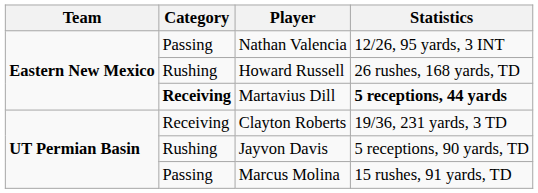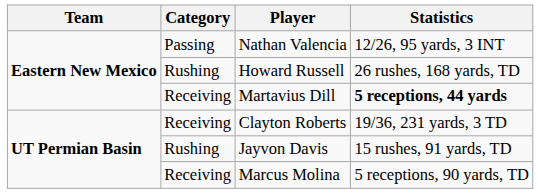 <table class="wikitable" style="float: right;">
 <tr>
 <th>Team</th>
 <th>Category</th>
 <th>Player</th>
 <th>Statistics</th>
 </tr>
 <tr>
 <td rowspan=3><strong>Eastern New Mexico</strong></td>
 <td>Passing</td>
 <td>Nathan Valencia</td>
 <td>12/26, 95 yards, 3 INT</td>
 </tr>
 <tr>
 <td>Rushing</td>
 <td>Howard Russell</td>
 <td>26 rushes, 168 yards, TD</td>
 </tr>
 <tr>
-<td><strong>Receiving</strong></td>
+<td>Receiving</td>
 <td>Martavius Dill</td>
 <td><strong>5 receptions, 44 yards</strong></td>
 </tr>
 <tr>
 <td rowspan=3><strong>UT Permian Basin</strong></td>
 <td>Receiving</td>
 <td>Clayton Roberts</td>
 <td>19/36, 231 yards, 3 TD</td>
 </tr>
 <tr>
 <td>Rushing</td>
 <td>Jayvon Davis</td>
+<td>15 rushes, 91 yards, TD</td>
+</tr>
+<tr>
+<td>Receiving</td>
+<td>Marcus Molina</td>
 <td>5 receptions, 90 yards, TD</td>
 </tr>
-<tr>
-<td>Passing</td>
-<td>Marcus Molina</td>
-<td>15 rushes, 91 yards, TD</td>
-</tr>
 </table>
